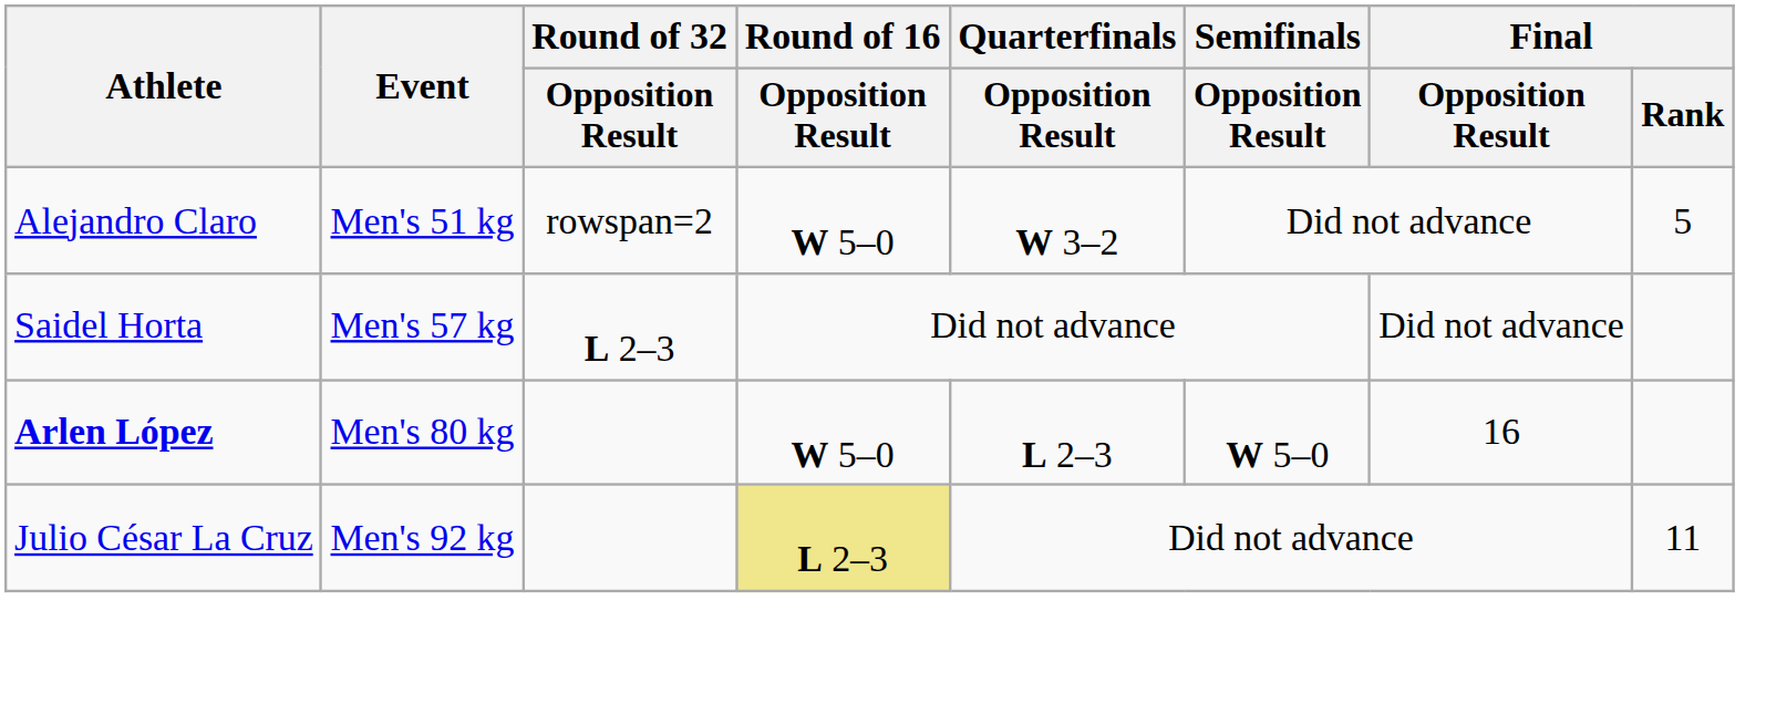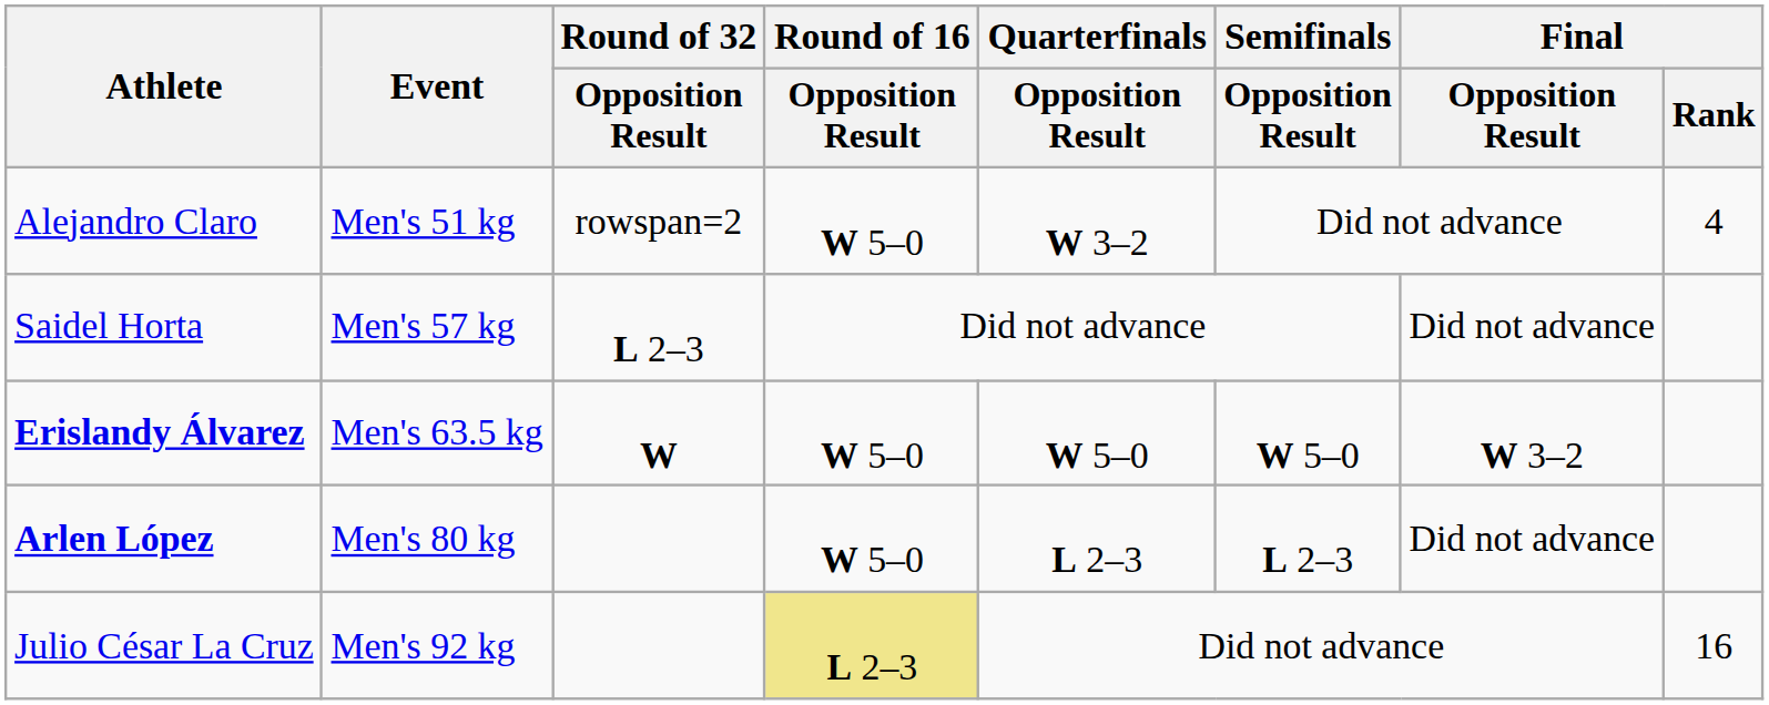 <table class="wikitable" style="font-size:90%">
 <tr>
 <th rowspan="2">Athlete</th>
 <th rowspan="2">Event</th>
 <th>Round of 32</th>
 <th>Round of 16</th>
 <th>Quarterfinals</th>
 <th>Semifinals</th>
 <th colspan=2>Final</th>
 </tr>
 <tr style="font-size:95%">
 <th>Opposition<br>Result</th>
 <th>Opposition<br>Result</th>
 <th>Opposition<br>Result</th>
 <th>Opposition<br>Result</th>
 <th>Opposition<br>Result</th>
 <th>Rank</th>
 </tr>
 <tr align=center>
 <td align=left><a href='#'>Alejandro Claro</a></td>
 <td align=left><a href='#'>Men's 51 kg</a></td>
 <td>rowspan=2 </td>
 <td><br><strong>W</strong> 5–0</td>
 <td><br><strong>W</strong> 3–2</td>
 <td colspan=2>Did not advance</td>
-<td>5</td>
+<td>4</td>
 </tr>
 <tr align=center>
 <td align=left><a href='#'>Saidel Horta</a></td>
 <td align=left><a href='#'>Men's 57 kg</a></td>
 <td><br><strong>L</strong> 2–3</td>
 <td colspan=3>Did not advance</td>
 <td>Did not advance</td>
 </tr>
 <tr align=center>
+<td align=left><strong><a href='#'>Erislandy Álvarez</a></strong></td>
+<td align=left><a href='#'>Men's 63.5 kg</a></td>
+<td><br><strong>W </strong></td>
+<td><br><strong>W</strong> 5–0</td>
+<td><br><strong>W</strong> 5–0</td>
+<td><br><strong>W</strong> 5–0</td>
+<td><br><strong>W</strong> 3–2</td>
+<td></td>
+</tr>
+<tr align=center>
 <td align=left><strong><a href='#'>Arlen López</a></strong></td>
 <td align=left><a href='#'>Men's 80 kg</a></td>
 <td></td>
 <td><br><strong>W</strong> 5–0</td>
 <td><br><strong>L</strong> 2–3</td>
-<td><br><strong>W</strong> 5–0</td>
-<td>16</td>
+<td><br><strong>L</strong> 2–3</td>
+<td>Did not advance</td>
 <td></td>
 </tr>
 <tr align=center>
 <td align=left><a href='#'>Julio César La Cruz</a></td>
 <td align=left><a href='#'>Men's 92 kg</a></td>
 <td></td>
 <td style="background: khaki;"><br><strong>L</strong> 2–3</td>
 <td colspan=3>Did not advance</td>
-<td>11</td>
+<td>16</td>
 </tr>
 </table>
